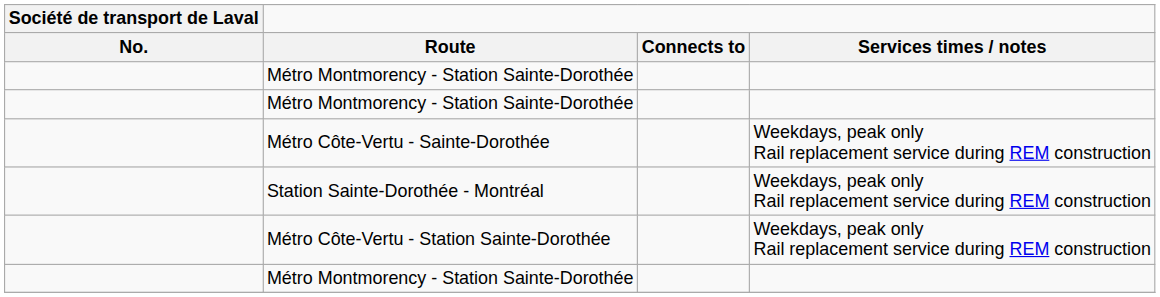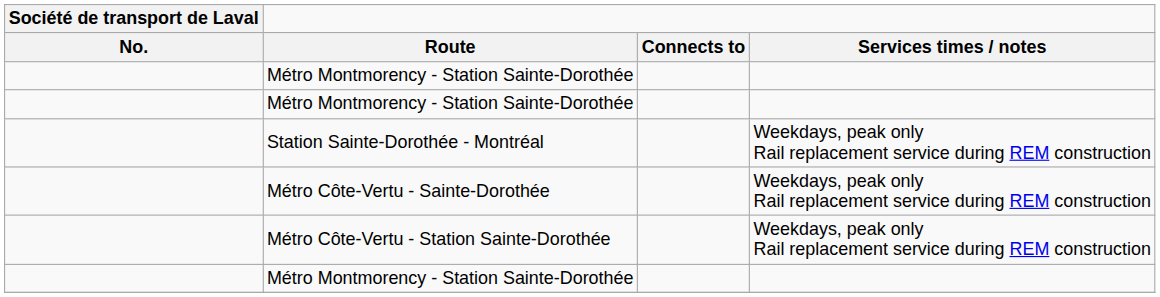 <table class="wikitable">
 <tr>
 <th style="background: #">Société de transport de Laval</th>
 </tr>
 <tr>
 <th>No.</th>
 <th>Route</th>
 <th>Connects to</th>
 <th>Services times / notes</th>
 </tr>
 <tr>
 <td></td>
 <td>Métro Montmorency - Station Sainte-Dorothée</td>
 <td></td>
 <td></td>
 </tr>
 <tr>
 <td></td>
 <td>Métro Montmorency - Station Sainte-Dorothée</td>
 <td></td>
 <td></td>
 </tr>
 <tr>
 <td></td>
-<td>Métro Côte-Vertu - Sainte-Dorothée</td>
+<td>Station Sainte-Dorothée - Montréal</td>
 <td></td>
 <td>Weekdays, peak only<br>Rail replacement service during <a href='#'>REM</a> construction</td>
 </tr>
 <tr>
 <td></td>
-<td>Station Sainte-Dorothée - Montréal</td>
+<td>Métro Côte-Vertu - Sainte-Dorothée</td>
 <td></td>
 <td>Weekdays, peak only<br>Rail replacement service during <a href='#'>REM</a> construction</td>
 </tr>
 <tr>
 <td></td>
 <td>Métro Côte-Vertu - Station Sainte-Dorothée</td>
 <td></td>
 <td>Weekdays, peak only<br>Rail replacement service during <a href='#'>REM</a> construction</td>
 </tr>
 <tr>
 <td></td>
 <td>Métro Montmorency - Station Sainte-Dorothée</td>
 <td></td>
 <td></td>
 </tr>
 <tr>
 </tr>
 </table>
